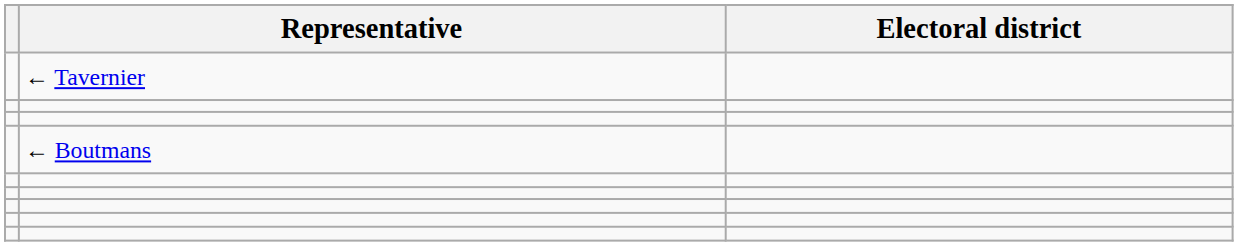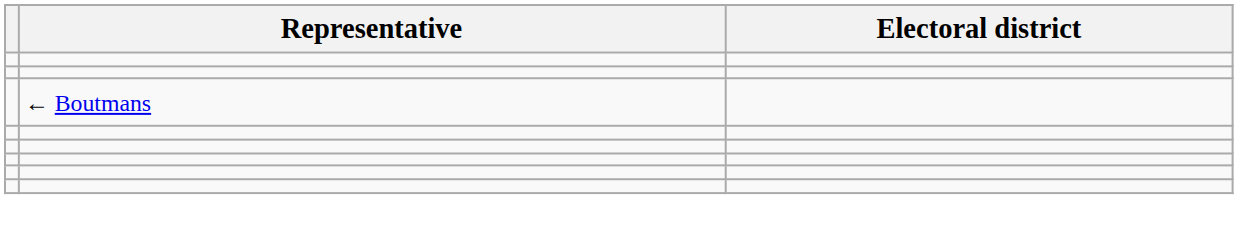 <table class="sortable wikitable" style="text-align:left; font-size:90%;">
 <tr>
 <th></th>
 <th width="350">Representative</th>
 <th width="250">Electoral district</th>
-</tr>
-<tr>
-<td></td>
-<td> <small>← <a href='#'>Tavernier</a></small></td>
-<td></td>
 </tr>
 <tr>
 <td></td>
 <td></td>
 <td></td>
 </tr>
 <tr>
 <td></td>
 <td></td>
 <td></td>
 </tr>
 <tr>
 <td></td>
 <td> <small>← <a href='#'>Boutmans</a></small></td>
 <td></td>
 </tr>
 <tr>
 <td></td>
 <td></td>
 <td></td>
 </tr>
 <tr>
 <td></td>
 <td></td>
 <td></td>
 </tr>
 <tr>
 <td></td>
 <td></td>
 <td></td>
 </tr>
 <tr>
 <td></td>
 <td></td>
 <td></td>
 </tr>
 <tr>
 <td></td>
 <td></td>
 <td></td>
 </tr>
 </table>
